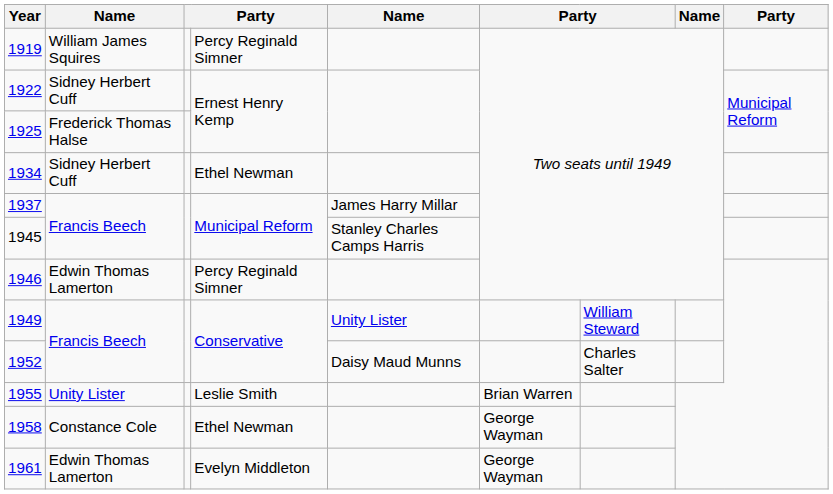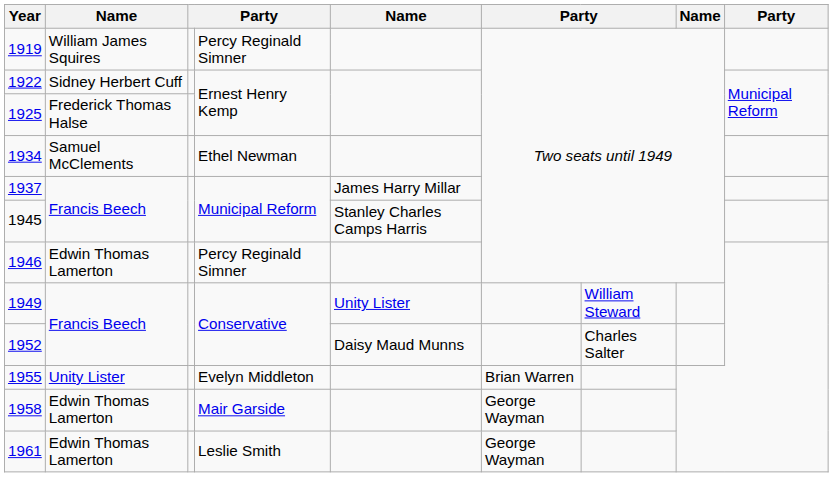 <table class="wikitable">
 <tr>
 <th>Year</th>
 <th>Name</th>
 <th colspan=2>Party</th>
 <th>Name</th>
 <th colspan=2>Party</th>
 <th>Name</th>
 <th colspan=2>Party</th>
 </tr>
 <tr>
 <td><a href='#'>1919</a></td>
 <td>William James Squires</td>
 <td></td>
 <td>Percy Reginald Simner</td>
 <td></td>
 <td rowspan=7 colspan=3 align="center"><em>Two seats until 1949</em></td>
 </tr>
 <tr>
 <td><a href='#'>1922</a></td>
 <td>Sidney Herbert Cuff</td>
 <td></td>
 <td rowspan=2>Ernest Henry Kemp</td>
 <td rowspan=2 style="background-color: "></td>
 <td rowspan=2><a href='#'>Municipal Reform</a></td>
 </tr>
 <tr>
 <td><a href='#'>1925</a></td>
 <td>Frederick Thomas Halse</td>
 <td></td>
 </tr>
 <tr>
 <td><a href='#'>1934</a></td>
-<td>Sidney Herbert Cuff</td>
+<td>Samuel McClements</td>
 <td></td>
 <td>Ethel Newman</td>
 <td></td>
 </tr>
 <tr>
 <td><a href='#'>1937</a></td>
 <td rowspan=2><a href='#'>Francis Beech</a></td>
 <td rowspan=2 style="background-color: "></td>
 <td rowspan=2><a href='#'>Municipal Reform</a></td>
 <td>James Harry Millar</td>
 <td></td>
 </tr>
 <tr>
 <td>1945</td>
 <td>Stanley Charles Camps Harris</td>
 <td></td>
 </tr>
 <tr>
 <td><a href='#'>1946</a></td>
 <td>Edwin Thomas Lamerton</td>
 <td></td>
 <td>Percy Reginald Simner</td>
 <td></td>
 </tr>
 <tr>
 <td><a href='#'>1949</a></td>
 <td rowspan=2><a href='#'>Francis Beech</a></td>
 <td rowspan=2 style="background-color: "></td>
 <td rowspan=2><a href='#'>Conservative</a></td>
 <td><a href='#'>Unity Lister</a></td>
 <td></td>
 <td><a href='#'>William Steward</a></td>
 <td></td>
 </tr>
 <tr>
 <td><a href='#'>1952</a></td>
 <td>Daisy Maud Munns</td>
 <td></td>
 <td>Charles Salter</td>
 <td></td>
 </tr>
 <tr>
 <td><a href='#'>1955</a></td>
 <td><a href='#'>Unity Lister</a></td>
 <td></td>
-<td>Leslie Smith</td>
+<td>Evelyn Middleton</td>
 <td></td>
 <td>Brian Warren</td>
 <td></td>
 </tr>
 <tr>
 <td><a href='#'>1958</a></td>
-<td>Constance Cole</td>
+<td>Edwin Thomas Lamerton</td>
 <td></td>
-<td>Ethel Newman</td>
+<td><a href='#'>Mair Garside</a></td>
 <td></td>
 <td>George Wayman</td>
 <td></td>
 </tr>
 <tr>
 <td><a href='#'>1961</a></td>
 <td>Edwin Thomas Lamerton</td>
 <td></td>
-<td>Evelyn Middleton</td>
+<td>Leslie Smith</td>
 <td></td>
 <td>George Wayman</td>
 <td></td>
 </tr>
 </table>
